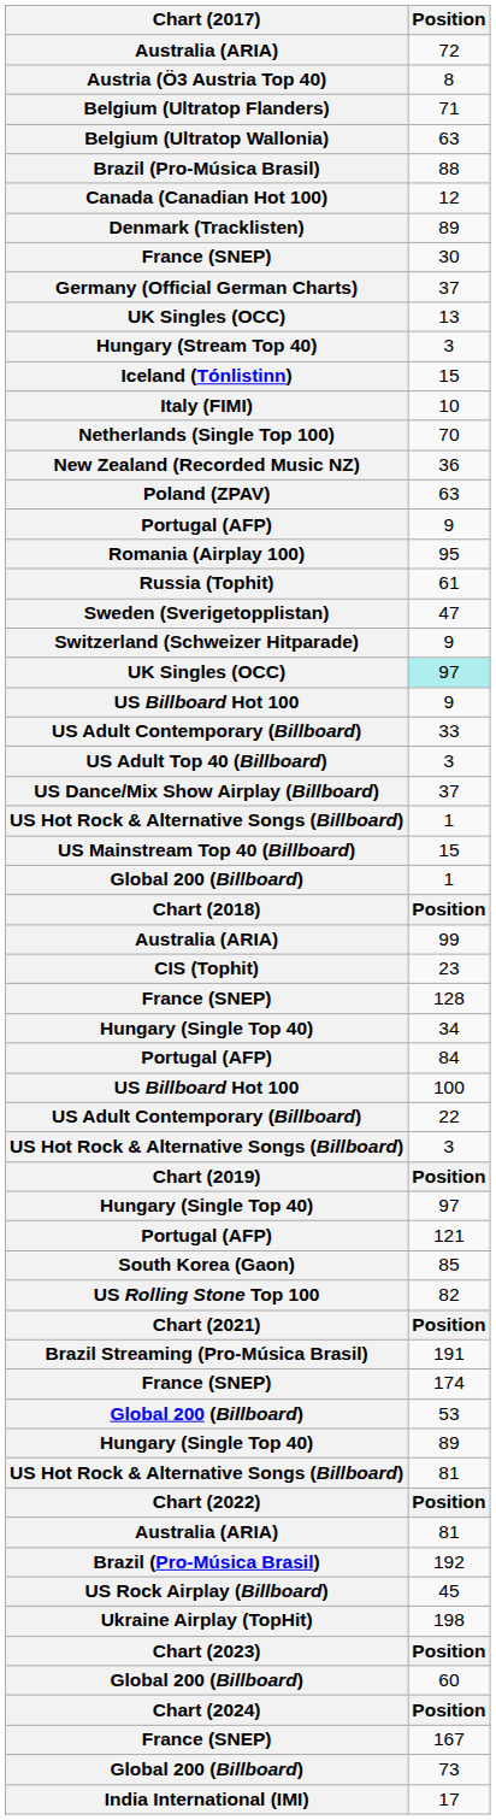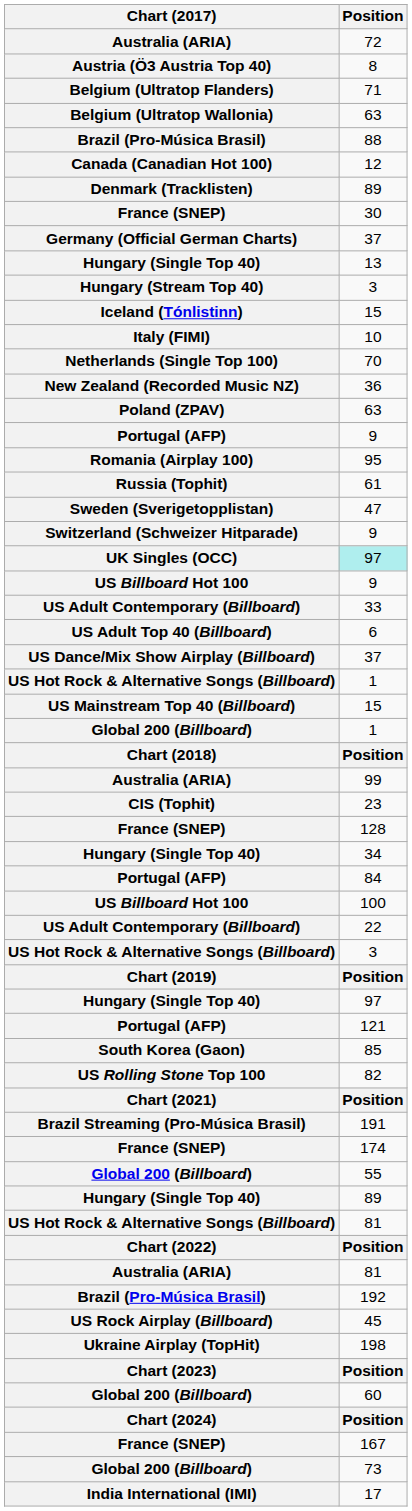 <table class="wikitable plainrowheaders" style="text-align:center">
 <tr>
 <th scope="col">Chart (2017)</th>
 <th scope="col">Position</th>
 </tr>
 <tr>
 <th scope="row">Australia (ARIA)</th>
 <td>72</td>
 </tr>
 <tr>
 <th scope="row">Austria (Ö3 Austria Top 40)</th>
 <td>8</td>
 </tr>
 <tr>
 <th scope="row">Belgium (Ultratop Flanders)</th>
 <td>71</td>
 </tr>
 <tr>
 <th scope="row">Belgium (Ultratop Wallonia)</th>
 <td>63</td>
 </tr>
 <tr>
 <th scope="row">Brazil (Pro-Música Brasil)</th>
 <td>88</td>
 </tr>
 <tr>
 <th scope="row">Canada (Canadian Hot 100)</th>
 <td>12</td>
 </tr>
 <tr>
 <th scope="row">Denmark (Tracklisten)</th>
 <td>89</td>
 </tr>
 <tr>
 <th scope="row">France (SNEP)</th>
 <td>30</td>
 </tr>
 <tr>
 <th scope="row">Germany (Official German Charts)</th>
 <td>37</td>
 </tr>
 <tr>
-<th scope="row">UK Singles (OCC)</th>
+<th scope="row">Hungary (Single Top 40)</th>
 <td>13</td>
 </tr>
 <tr>
 <th scope="row">Hungary (Stream Top 40)</th>
 <td>3</td>
 </tr>
 <tr>
 <th scope="row">Iceland (<a href='#'>Tónlistinn</a>)</th>
 <td>15</td>
 </tr>
 <tr>
 <th scope="row">Italy (FIMI)</th>
 <td>10</td>
 </tr>
 <tr>
 <th scope="row">Netherlands (Single Top 100)</th>
 <td>70</td>
 </tr>
 <tr>
 <th scope="row">New Zealand (Recorded Music NZ)</th>
 <td>36</td>
 </tr>
 <tr>
 <th scope="row">Poland (ZPAV)</th>
 <td>63</td>
 </tr>
 <tr>
 <th scope="row">Portugal (AFP)</th>
 <td>9</td>
 </tr>
 <tr>
 <th scope="row">Romania (Airplay 100)</th>
 <td>95</td>
 </tr>
 <tr>
 <th scope="row">Russia (Tophit)</th>
 <td>61</td>
 </tr>
 <tr>
 <th scope="row">Sweden (Sverigetopplistan)</th>
 <td>47</td>
 </tr>
 <tr>
 <th scope="row">Switzerland (Schweizer Hitparade)</th>
 <td>9</td>
 </tr>
 <tr>
 <th scope="row">UK Singles (OCC)</th>
 <td style="background: paleturquoise;">97</td>
 </tr>
 <tr>
 <th scope="row">US <em>Billboard</em> Hot 100</th>
 <td>9</td>
 </tr>
 <tr>
 <th scope="row">US Adult Contemporary (<em>Billboard</em>)</th>
 <td>33</td>
 </tr>
 <tr>
 <th scope="row">US Adult Top 40 (<em>Billboard</em>)</th>
-<td>3</td>
+<td>6</td>
 </tr>
 <tr>
 <th scope="row">US Dance/Mix Show Airplay (<em>Billboard</em>)</th>
 <td>37</td>
 </tr>
 <tr>
 <th scope="row">US Hot Rock & Alternative Songs (<em>Billboard</em>)</th>
 <td>1</td>
 </tr>
 <tr>
 <th scope="row">US Mainstream Top 40 (<em>Billboard</em>)</th>
 <td>15</td>
 </tr>
 <tr>
 <th scope="row">Global 200 (<em>Billboard</em>)</th>
 <td>1</td>
 </tr>
 <tr>
 <th scope="col">Chart (2018)</th>
 <th scope="col">Position</th>
 </tr>
 <tr>
 <th scope="row">Australia (ARIA)</th>
 <td>99</td>
 </tr>
 <tr>
 <th scope="row">CIS (Tophit)</th>
 <td>23</td>
 </tr>
 <tr>
 <th scope="row">France (SNEP)</th>
 <td>128</td>
 </tr>
 <tr>
 <th scope="row">Hungary (Single Top 40)</th>
 <td>34</td>
 </tr>
 <tr>
 <th scope="row">Portugal (AFP)</th>
 <td>84</td>
 </tr>
 <tr>
 <th scope="row">US <em>Billboard</em> Hot 100</th>
 <td>100</td>
 </tr>
 <tr>
 <th scope="row">US Adult Contemporary (<em>Billboard</em>)</th>
 <td>22</td>
 </tr>
 <tr>
 <th scope="row">US Hot Rock & Alternative Songs (<em>Billboard</em>)</th>
 <td>3</td>
 </tr>
 <tr>
 <th scope="col">Chart (2019)</th>
 <th scope="col">Position</th>
 </tr>
 <tr>
 <th scope="row">Hungary (Single Top 40)</th>
 <td>97</td>
 </tr>
 <tr>
 <th scope="row">Portugal (AFP)</th>
 <td>121</td>
 </tr>
 <tr>
 <th scope="row">South Korea (Gaon)</th>
 <td>85</td>
 </tr>
 <tr>
 <th scope="row">US <em>Rolling Stone</em> Top 100</th>
 <td>82</td>
 </tr>
 <tr>
 <th scope="col">Chart (2021)</th>
 <th scope="col">Position</th>
 </tr>
 <tr>
 <th scope="row">Brazil Streaming (Pro-Música Brasil)</th>
 <td>191</td>
 </tr>
 <tr>
 <th scope="row">France (SNEP)</th>
 <td>174</td>
 </tr>
 <tr>
 <th scope="row"><a href='#'>Global 200</a> (<em>Billboard</em>)</th>
-<td>53</td>
+<td>55</td>
 </tr>
 <tr>
 <th scope="row">Hungary (Single Top 40)</th>
 <td>89</td>
 </tr>
 <tr>
 <th scope="row">US Hot Rock & Alternative Songs (<em>Billboard</em>)</th>
 <td>81</td>
 </tr>
 <tr>
 <th scope="col">Chart (2022)</th>
 <th scope="col">Position</th>
 </tr>
 <tr>
 <th scope="row">Australia (ARIA)</th>
 <td>81</td>
 </tr>
 <tr>
 <th scope="row">Brazil (<a href='#'>Pro-Música Brasil</a>)</th>
 <td>192</td>
 </tr>
 <tr>
 <th scope="row">US Rock Airplay (<em>Billboard</em>)</th>
 <td>45</td>
 </tr>
 <tr>
 <th scope="row">Ukraine Airplay (TopHit)</th>
 <td>198</td>
 </tr>
 <tr>
 <th scope="col">Chart (2023)</th>
 <th scope="col">Position</th>
 </tr>
 <tr>
 <th scope="row">Global 200 (<em>Billboard</em>)</th>
 <td>60</td>
 </tr>
 <tr>
 <th scope="col">Chart (2024)</th>
 <th scope="col">Position</th>
 </tr>
 <tr>
 <th scope="row">France (SNEP)</th>
 <td>167</td>
 </tr>
 <tr>
 <th scope="row">Global 200 (<em>Billboard</em>)</th>
 <td>73</td>
 </tr>
 <tr>
 <th scope="row">India International (IMI)</th>
 <td>17</td>
 </tr>
 </table>
